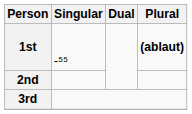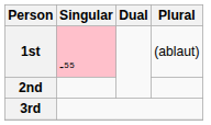 <table class="wikitable">
 <tr>
 <th>Person</th>
 <th>Singular</th>
 <th>Dual</th>
 <th>Plural</th>
 </tr>
 <tr>
 <th>1st</th>
-<td> <br><br>-⁵⁵</td>
+<td style="background: pink;"> <br><br>-⁵⁵</td>
 <td rowspan=2></td>
-<td><strong>(ablaut)</strong></td>
+<td>(ablaut)</td>
 </tr>
 <tr>
 <th>2nd</th>
 <td></td>
 <td></td>
 </tr>
 <tr>
 <th>3rd</th>
 <td colspan=3></td>
 </tr>
 <tr>
 </tr>
 </table>
